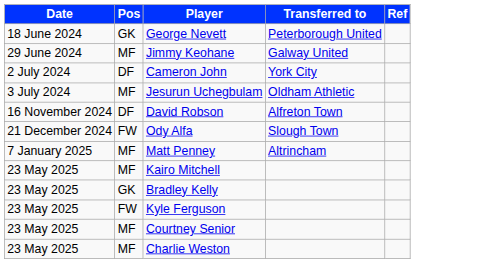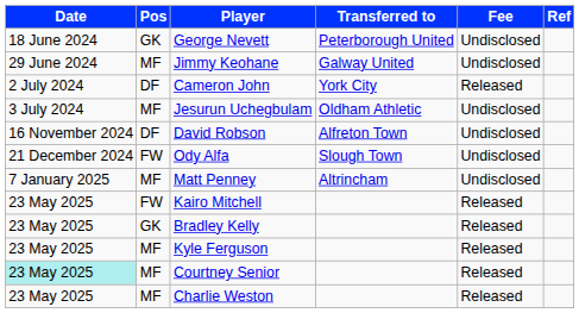 <table class="wikitable plainrowheaders sortable">
 <tr>
 <th style="background:#03f;color:#fff;">Date</th>
 <th style="background:#03f;color:#fff;">Pos</th>
 <th style="background:#03f;color:#fff;">Player</th>
 <th style="background:#03f;color:#fff;">Transferred to</th>
+<th style="background:#03f;color:#fff;">Fee</th>
 <th style="background:#03f;color:#fff;">Ref</th>
 </tr>
 <tr>
 <td>18 June 2024</td>
 <td>GK</td>
 <td> <a href='#'>George Nevett</a></td>
 <td> <a href='#'>Peterborough United</a></td>
+<td>Undisclosed</td>
 <td></td>
 </tr>
 <tr>
 <td>29 June 2024</td>
 <td>MF</td>
 <td> <a href='#'>Jimmy Keohane</a></td>
 <td> <a href='#'>Galway United</a></td>
+<td>Undisclosed</td>
 <td></td>
 </tr>
 <tr>
 <td>2 July 2024</td>
 <td>DF</td>
 <td> <a href='#'>Cameron John</a></td>
 <td> <a href='#'>York City</a></td>
+<td>Released</td>
 <td></td>
 </tr>
 <tr>
 <td>3 July 2024</td>
 <td>MF</td>
 <td> <a href='#'>Jesurun Uchegbulam</a></td>
 <td> <a href='#'>Oldham Athletic</a></td>
+<td>Undisclosed</td>
 <td></td>
 </tr>
 <tr>
 <td>16 November 2024</td>
 <td>DF</td>
 <td> <a href='#'>David Robson</a></td>
 <td> <a href='#'>Alfreton Town</a></td>
+<td>Undisclosed</td>
 <td></td>
 </tr>
 <tr>
 <td>21 December 2024</td>
 <td>FW</td>
 <td> <a href='#'>Ody Alfa</a></td>
 <td> <a href='#'>Slough Town</a></td>
+<td>Undisclosed</td>
 <td></td>
 </tr>
 <tr>
 <td>7 January 2025</td>
 <td>MF</td>
 <td> <a href='#'>Matt Penney</a></td>
 <td> <a href='#'>Altrincham</a></td>
+<td>Undisclosed</td>
 <td></td>
 </tr>
 <tr>
 <td>23 May 2025</td>
-<td>MF</td>
+<td>FW</td>
 <td> <a href='#'>Kairo Mitchell</a></td>
 <td></td>
+<td>Released</td>
 <td></td>
 </tr>
 <tr>
 <td>23 May 2025</td>
 <td>GK</td>
 <td> <a href='#'>Bradley Kelly</a></td>
 <td></td>
-<td></td>
-</tr>
-<tr>
-<td>23 May 2025</td>
-<td>FW</td>
-<td> <a href='#'>Kyle Ferguson</a></td>
-<td></td>
+<td>Released</td>
 <td></td>
 </tr>
 <tr>
 <td>23 May 2025</td>
 <td>MF</td>
+<td> <a href='#'>Kyle Ferguson</a></td>
+<td></td>
+<td>Released</td>
+<td></td>
+</tr>
+<tr>
+<td style="background: paleturquoise;">23 May 2025</td>
+<td>MF</td>
 <td> <a href='#'>Courtney Senior</a></td>
 <td></td>
+<td>Released</td>
 <td></td>
 </tr>
 <tr>
 <td>23 May 2025</td>
 <td>MF</td>
 <td> <a href='#'>Charlie Weston</a></td>
 <td></td>
+<td>Released</td>
 <td></td>
 </tr>
 </table>
